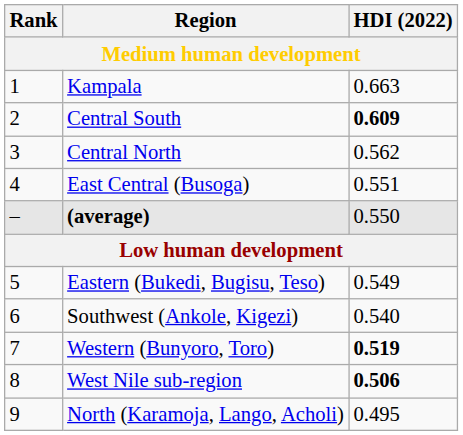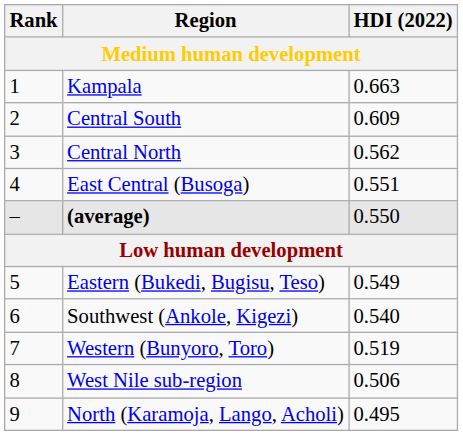 <table class="wikitable sortable">
 <tr>
 <th>Rank</th>
 <th>Region</th>
 <th>HDI (2022)</th>
 </tr>
 <tr>
 <th colspan="3" style="color:#fc0;">Medium human development</th>
 </tr>
 <tr>
 <td>1</td>
 <td><a href='#'>Kampala</a></td>
 <td>0.663</td>
 </tr>
 <tr>
 <td>2</td>
 <td><a href='#'>Central South</a></td>
-<td><strong>0.609</strong></td>
+<td>0.609</td>
 </tr>
 <tr>
 <td>3</td>
 <td><a href='#'>Central North</a></td>
 <td>0.562</td>
 </tr>
 <tr>
 <td>4</td>
 <td><a href='#'>East Central</a> (<a href='#'>Busoga</a>)</td>
 <td>0.551</td>
 </tr>
 <tr style="background:#e6e6e6">
 <td>–</td>
 <td> <strong>(average)</strong></td>
 <td>0.550</td>
 </tr>
 <tr>
 <th colspan="3" style="color:#900;">Low human development</th>
 </tr>
 <tr>
 <td>5</td>
 <td><a href='#'>Eastern</a> (<a href='#'>Bukedi</a>, <a href='#'>Bugisu</a>, <a href='#'>Teso</a>)</td>
 <td>0.549</td>
 </tr>
 <tr>
 <td>6</td>
 <td>Southwest (<a href='#'>Ankole</a>, <a href='#'>Kigezi</a>)</td>
 <td>0.540</td>
 </tr>
 <tr>
 <td>7</td>
 <td><a href='#'>Western</a> (<a href='#'>Bunyoro</a>, <a href='#'>Toro</a>)</td>
-<td><strong>0.519</strong></td>
+<td>0.519</td>
 </tr>
 <tr>
 <td>8</td>
 <td><a href='#'>West Nile sub-region</a></td>
-<td><strong>0.506</strong></td>
+<td>0.506</td>
 </tr>
 <tr>
 <td>9</td>
 <td><a href='#'>North</a> (<a href='#'>Karamoja</a>, <a href='#'>Lango</a>, <a href='#'>Acholi</a>)</td>
 <td>0.495</td>
 </tr>
 </table>
